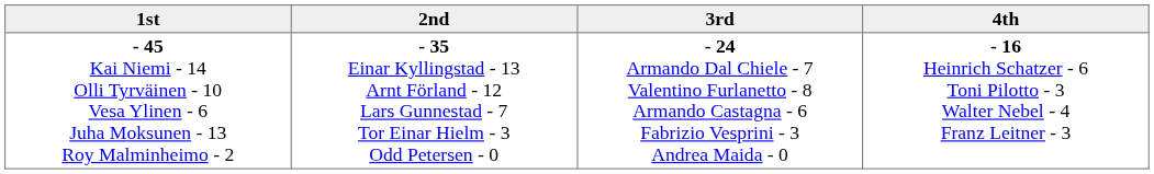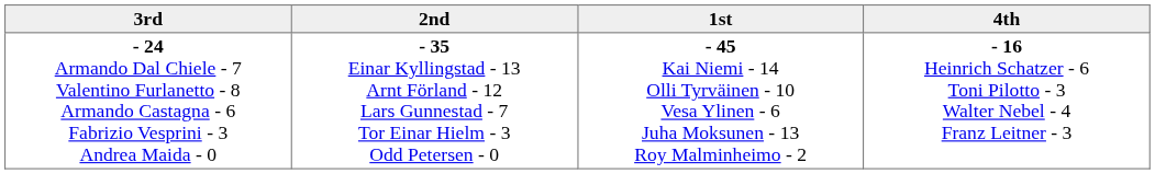 <table border="1" cellpadding="2" cellspacing="0" style="width:75%; border-collapse:collapse">
 <tr style="text-align:center; background:#efefef;">
+<th width=20% >3rd</th>
+<th width=20% >2nd</th>
 <th width=20% >1st</th>
-<th width=20% >2nd</th>
-<th width=20% >3rd</th>
 <th width=20%>4th</th>
 </tr>
 <tr align=center>
+<td valign=top ><strong> - 24</strong><br><a href='#'>Armando Dal Chiele</a> - 7<br><a href='#'>Valentino Furlanetto</a> - 8<br><a href='#'>Armando Castagna</a> - 6<br><a href='#'>Fabrizio Vesprini</a> - 3<br><a href='#'>Andrea Maida</a> - 0</td>
+<td valign=top ><strong> - 35</strong><br><a href='#'>Einar Kyllingstad</a> - 13<br><a href='#'>Arnt Förland</a> - 12<br><a href='#'>Lars Gunnestad</a> - 7<br><a href='#'>Tor Einar Hielm</a> - 3<br><a href='#'>Odd Petersen</a> - 0</td>
 <td valign=top ><strong> - 45</strong><br><a href='#'>Kai Niemi</a> - 14<br><a href='#'>Olli Tyrväinen</a> - 10<br><a href='#'>Vesa Ylinen</a> - 6<br><a href='#'>Juha Moksunen</a> - 13<br><a href='#'>Roy Malminheimo</a> - 2</td>
-<td valign=top ><strong> - 35</strong><br><a href='#'>Einar Kyllingstad</a> - 13<br><a href='#'>Arnt Förland</a> - 12<br><a href='#'>Lars Gunnestad</a> - 7<br><a href='#'>Tor Einar Hielm</a> - 3<br><a href='#'>Odd Petersen</a> - 0</td>
-<td valign=top ><strong> - 24</strong><br><a href='#'>Armando Dal Chiele</a> - 7<br><a href='#'>Valentino Furlanetto</a> - 8<br><a href='#'>Armando Castagna</a> - 6<br><a href='#'>Fabrizio Vesprini</a> - 3<br><a href='#'>Andrea Maida</a> - 0</td>
 <td valign=top><strong> - 16</strong><br><a href='#'>Heinrich Schatzer</a> - 6<br><a href='#'>Toni Pilotto</a> - 3<br><a href='#'>Walter Nebel</a> - 4<br><a href='#'>Franz Leitner</a> - 3</td>
 </tr>
 </table>
